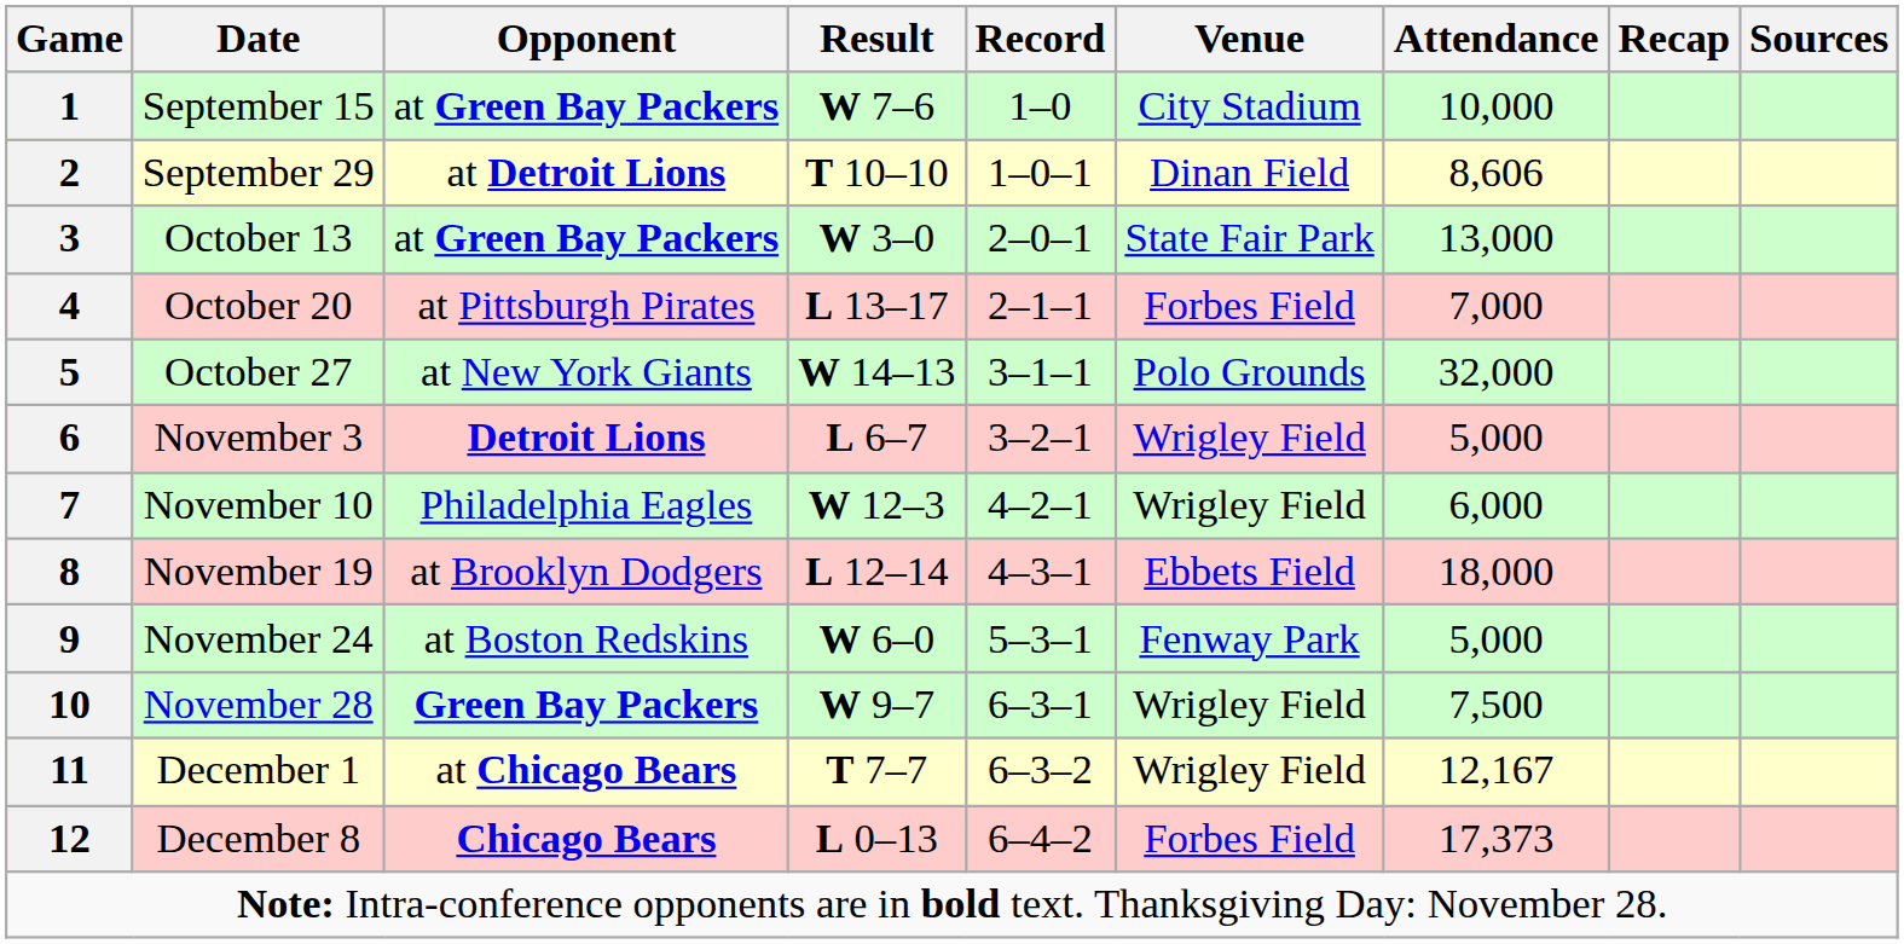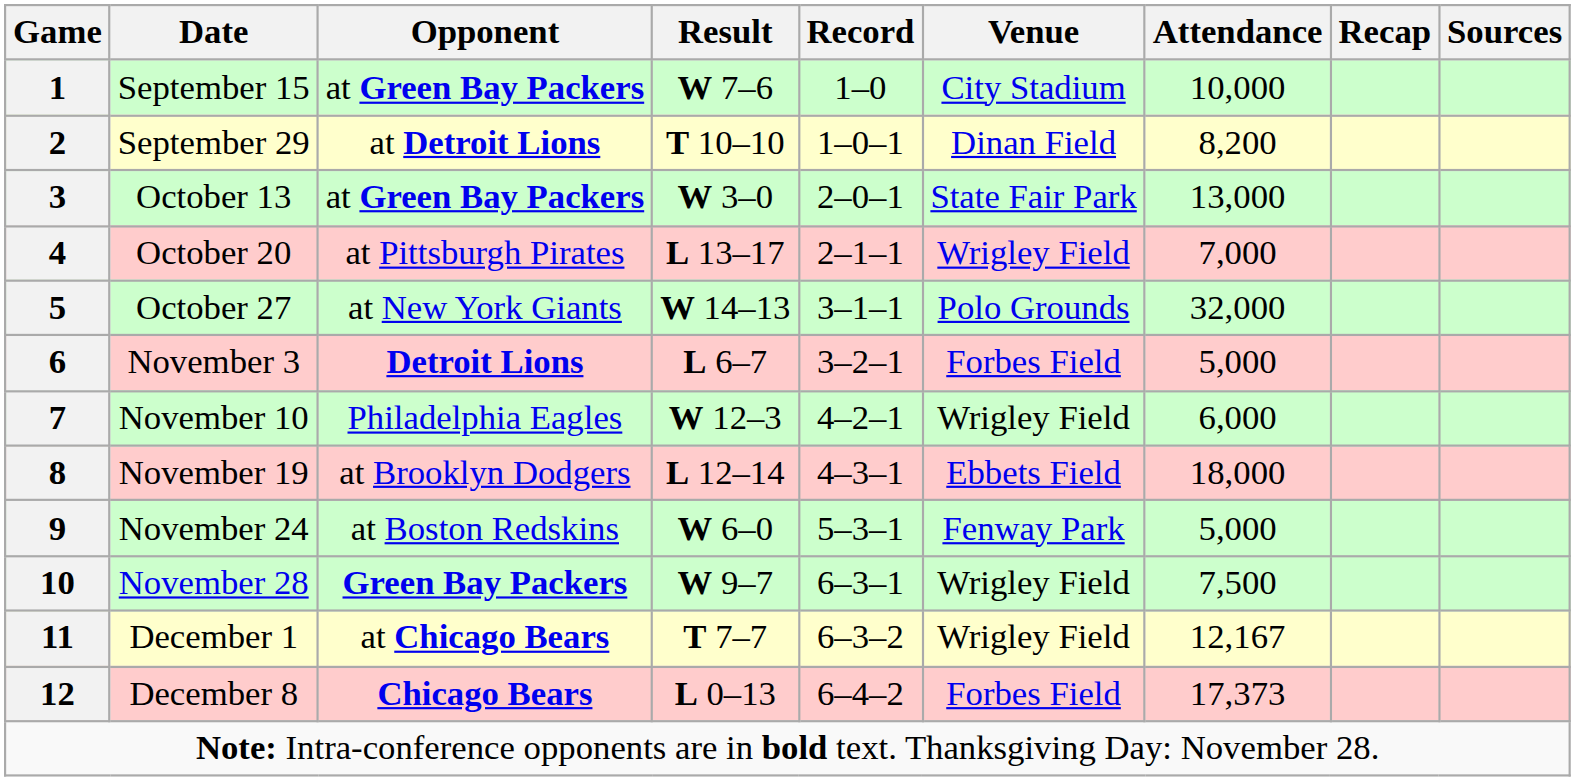 <table class="wikitable" style="text-align:center">
 <tr>
 <th>Game</th>
 <th>Date</th>
 <th>Opponent</th>
 <th>Result</th>
 <th>Record</th>
 <th>Venue</th>
 <th>Attendance</th>
 <th>Recap</th>
 <th>Sources</th>
 </tr>
 <tr style="background:#cfc">
 <th>1</th>
 <td>September 15</td>
 <td>at <strong><a href='#'>Green Bay Packers</a></strong></td>
 <td><strong>W</strong> 7–6</td>
 <td>1–0</td>
 <td><a href='#'>City Stadium</a></td>
 <td>10,000</td>
 <td></td>
 <td></td>
 </tr>
 <tr style="background:#ffc">
 <th>2</th>
 <td>September 29</td>
 <td>at <strong><a href='#'>Detroit Lions</a></strong></td>
 <td><strong>T</strong> 10–10</td>
 <td>1–0–1</td>
 <td><a href='#'>Dinan Field</a></td>
-<td>8,606</td>
+<td>8,200</td>
 <td></td>
 <td></td>
 </tr>
 <tr style="background:#cfc">
 <th>3</th>
 <td>October 13</td>
 <td>at <strong><a href='#'>Green Bay Packers</a></strong></td>
 <td><strong>W</strong> 3–0</td>
 <td>2–0–1</td>
 <td><a href='#'>State Fair Park</a></td>
 <td>13,000</td>
 <td></td>
 <td></td>
 </tr>
 <tr style="background:#fcc">
 <th>4</th>
 <td>October 20</td>
 <td>at <a href='#'>Pittsburgh Pirates</a></td>
 <td><strong>L</strong> 13–17</td>
 <td>2–1–1</td>
-<td><a href='#'>Forbes Field</a></td>
+<td><a href='#'>Wrigley Field</a></td>
 <td>7,000</td>
 <td></td>
 <td></td>
 </tr>
 <tr style="background:#cfc">
 <th>5</th>
 <td>October 27</td>
 <td>at <a href='#'>New York Giants</a></td>
 <td><strong>W</strong> 14–13</td>
 <td>3–1–1</td>
 <td><a href='#'>Polo Grounds</a></td>
 <td>32,000</td>
 <td></td>
 <td></td>
 </tr>
 <tr style="background:#fcc">
 <th>6</th>
 <td>November 3</td>
 <td><strong><a href='#'>Detroit Lions</a></strong></td>
 <td><strong>L</strong> 6–7</td>
 <td>3–2–1</td>
-<td><a href='#'>Wrigley Field</a></td>
+<td><a href='#'>Forbes Field</a></td>
 <td>5,000</td>
 <td></td>
 <td></td>
 </tr>
 <tr style="background:#cfc">
 <th>7</th>
 <td>November 10</td>
 <td><a href='#'>Philadelphia Eagles</a></td>
 <td><strong>W</strong> 12–3</td>
 <td>4–2–1</td>
 <td>Wrigley Field</td>
 <td>6,000</td>
 <td></td>
 <td></td>
 </tr>
 <tr style="background:#fcc">
 <th>8</th>
 <td>November 19</td>
 <td>at <a href='#'>Brooklyn Dodgers</a></td>
 <td><strong>L</strong> 12–14</td>
 <td>4–3–1</td>
 <td><a href='#'>Ebbets Field</a></td>
 <td>18,000</td>
 <td></td>
 <td></td>
 </tr>
 <tr style="background:#cfc">
 <th>9</th>
 <td>November 24</td>
 <td>at <a href='#'>Boston Redskins</a></td>
 <td><strong>W</strong> 6–0</td>
 <td>5–3–1</td>
 <td><a href='#'>Fenway Park</a></td>
 <td>5,000</td>
 <td></td>
 <td></td>
 </tr>
 <tr style="background:#cfc">
 <th>10</th>
 <td><a href='#'>November 28</a></td>
 <td><strong><a href='#'>Green Bay Packers</a></strong></td>
 <td><strong>W</strong> 9–7</td>
 <td>6–3–1</td>
 <td>Wrigley Field</td>
 <td>7,500</td>
 <td></td>
 <td></td>
 </tr>
 <tr style="background:#ffc">
 <th>11</th>
 <td>December 1</td>
 <td>at <strong><a href='#'>Chicago Bears</a></strong></td>
 <td><strong>T</strong> 7–7</td>
 <td>6–3–2</td>
 <td>Wrigley Field</td>
 <td>12,167</td>
 <td></td>
 <td></td>
 </tr>
 <tr style="background:#fcc">
 <th>12</th>
 <td>December 8</td>
 <td><strong><a href='#'>Chicago Bears</a></strong></td>
 <td><strong>L</strong> 0–13</td>
 <td>6–4–2</td>
 <td><a href='#'>Forbes Field</a></td>
 <td>17,373</td>
 <td></td>
 <td></td>
 </tr>
 <tr>
 <td colspan="10"><strong>Note:</strong> Intra-conference opponents are in <strong>bold</strong> text. Thanksgiving Day: November 28.</td>
 </tr>
 </table>
